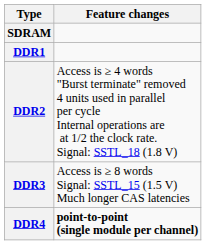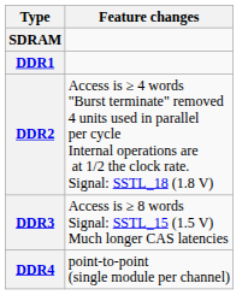 <table class="wikitable floatright">
 <tr>
 <th scope="col">Type</th>
 <th scope="col">Feature changes</th>
 </tr>
 <tr>
 <th scope="row">SDRAM</th>
 <td></td>
 </tr>
 <tr>
 <th scope="row"><a href='#'>DDR1</a></th>
 <td></td>
 </tr>
 <tr>
 <th scope="row"><a href='#'>DDR2</a></th>
 <td>Access is ≥ 4 words<br> "Burst terminate" removed<br> 4 units used in parallel<br>  per cycle<br> Internal operations are<br> at 1/2 the clock rate.<br> Signal: <a href='#'>SSTL_18</a> (1.8 V)</td>
 </tr>
 <tr>
 <th scope="row"><a href='#'>DDR3</a></th>
 <td>Access is ≥ 8 words<br> Signal: <a href='#'>SSTL_15</a> (1.5 V)<br> Much longer CAS latencies</td>
 </tr>
 <tr>
 <th scope="row"><a href='#'>DDR4</a></th>
-<td><strong> point-to-point<br>(single module per channel)</strong></td>
+<td> point-to-point<br>(single module per channel)</td>
 </tr>
 </table>
